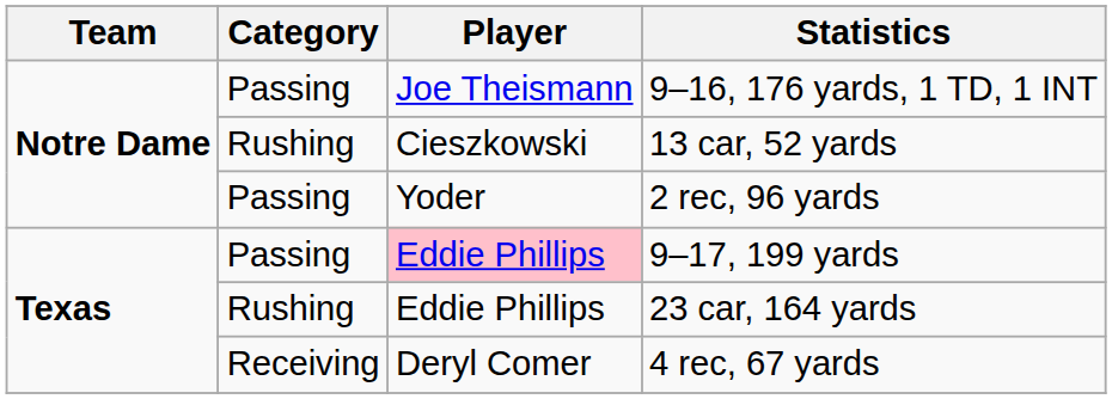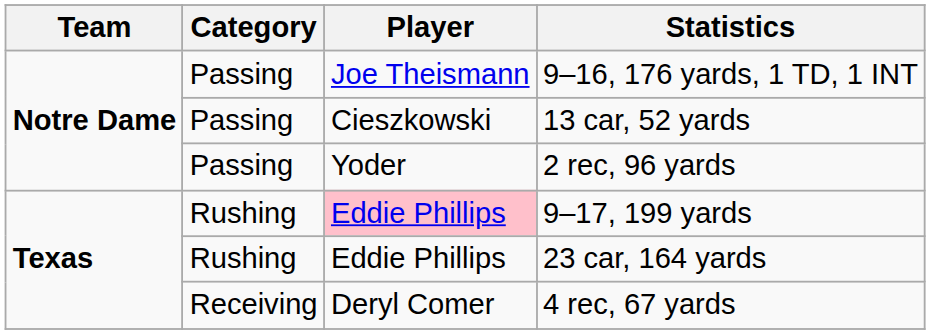 <table class="wikitable" style="float: right;">
 <tr>
 <th>Team</th>
 <th>Category</th>
 <th>Player</th>
 <th>Statistics</th>
 </tr>
 <tr>
 <td rowspan=3><strong>Notre Dame</strong></td>
 <td>Passing</td>
 <td><a href='#'>Joe Theismann</a></td>
 <td>9–16, 176 yards, 1 TD, 1 INT</td>
 </tr>
 <tr>
-<td>Rushing</td>
+<td>Passing</td>
 <td>Cieszkowski</td>
 <td>13 car, 52 yards</td>
 </tr>
 <tr>
 <td>Passing</td>
 <td>Yoder</td>
 <td>2 rec, 96 yards</td>
 </tr>
 <tr>
 <td rowspan=3><strong>Texas</strong></td>
-<td>Passing</td>
+<td>Rushing</td>
 <td style="background: pink;"><a href='#'>Eddie Phillips</a></td>
 <td>9–17, 199 yards</td>
 </tr>
 <tr>
 <td>Rushing</td>
 <td>Eddie Phillips</td>
 <td>23 car, 164 yards</td>
 </tr>
 <tr>
 <td>Receiving</td>
 <td>Deryl Comer</td>
 <td>4 rec, 67 yards</td>
 </tr>
 </table>
